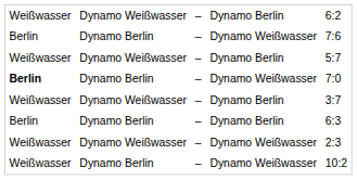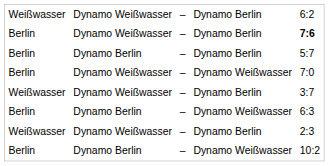 <table cellspacing="0" border="0" cellpadding="6" style="border:1px solid #bbb; background-color:#FFFFFF;">
 <tr>
 <td>Weißwasser</td>
 <td>Dynamo Weißwasser</td>
 <td>–</td>
 <td>Dynamo Berlin</td>
 <td>6:2</td>
 </tr>
 <tr>
 <td>Berlin</td>
+<td>Dynamo Weißwasser</td>
+<td>–</td>
 <td>Dynamo Berlin</td>
-<td>–</td>
-<td>Dynamo Weißwasser</td>
-<td>7:6</td>
+<td><strong>7:6</strong></td>
 </tr>
 <tr>
-<td>Weißwasser</td>
-<td>Dynamo Weißwasser</td>
+<td>Berlin</td>
+<td>Dynamo Berlin</td>
 <td>–</td>
 <td>Dynamo Berlin</td>
 <td>5:7</td>
 </tr>
 <tr>
-<td><strong>Berlin</strong></td>
-<td>Dynamo Berlin</td>
+<td>Berlin</td>
+<td>Dynamo Weißwasser</td>
 <td>–</td>
 <td>Dynamo Weißwasser</td>
 <td>7:0</td>
 </tr>
 <tr>
 <td>Weißwasser</td>
 <td>Dynamo Weißwasser</td>
 <td>–</td>
 <td>Dynamo Berlin</td>
 <td>3:7</td>
 </tr>
 <tr>
 <td>Berlin</td>
 <td>Dynamo Berlin</td>
 <td>–</td>
-<td>Dynamo Berlin</td>
+<td>Dynamo Weißwasser</td>
 <td>6:3</td>
 </tr>
 <tr>
 <td>Weißwasser</td>
 <td>Dynamo Weißwasser</td>
 <td>–</td>
-<td>Dynamo Weißwasser</td>
+<td>Dynamo Berlin</td>
 <td>2:3</td>
 </tr>
 <tr>
-<td>Weißwasser</td>
+<td>Berlin</td>
 <td>Dynamo Berlin</td>
 <td>–</td>
 <td>Dynamo Weißwasser</td>
 <td>10:2</td>
 </tr>
 </table>
